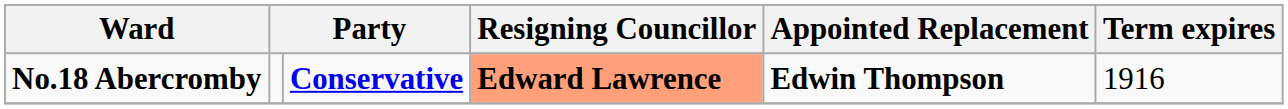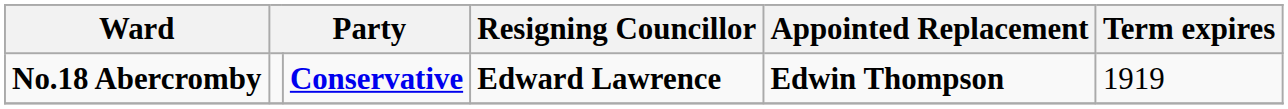 <table class="wikitable">
 <tr>
 <th>Ward</th>
 <th colspan="2">Party</th>
 <th>Resigning Councillor</th>
 <th>Appointed Replacement</th>
 <th>Term expires</th>
 </tr>
 <tr>
 <td><strong>No.18 Abercromby</strong></td>
 <td style="background-color:"></td>
 <td><strong><a href='#'>Conservative</a></strong></td>
-<td style="background: lightsalmon;"><strong>Edward Lawrence</strong></td>
+<td><strong>Edward Lawrence</strong></td>
 <td><strong>Edwin Thompson</strong></td>
-<td>1916</td>
+<td>1919</td>
 </tr>
 <tr>
 </tr>
 </table>
